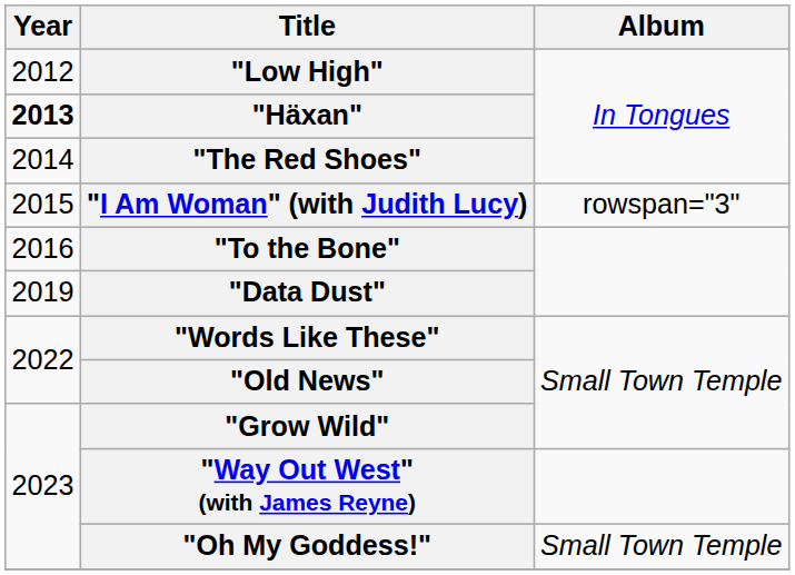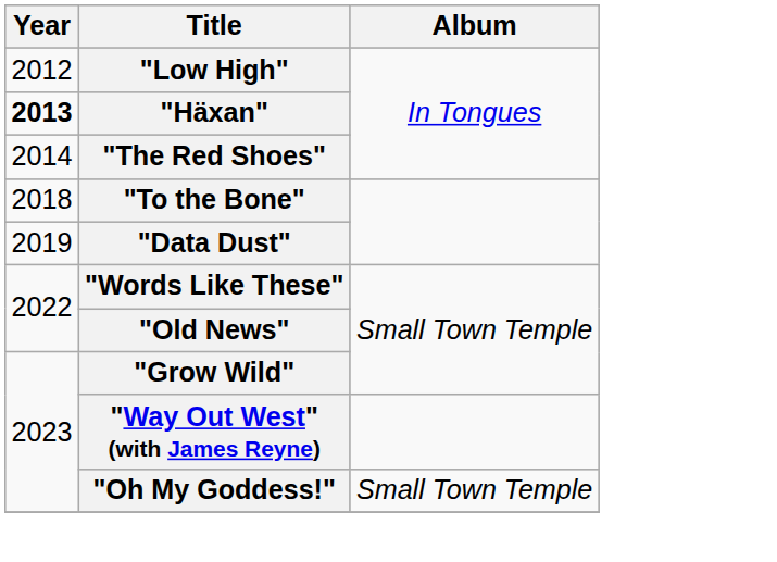 <table class="wikitable plainrowheaders" style="text-align:center;">
 <tr>
 <th scope="col">Year</th>
 <th scope="col">Title</th>
 <th scope="col">Album</th>
 </tr>
 <tr>
 <td>2012</td>
 <th scope="row">"Low High"</th>
 <td rowspan="3"><em><a href='#'>In Tongues</a></em></td>
 </tr>
 <tr>
 <td><strong>2013</strong></td>
 <th scope="row">"Häxan"</th>
 </tr>
 <tr>
 <td>2014</td>
 <th scope="row">"The Red Shoes"</th>
 </tr>
 <tr>
-<td>2015</td>
-<th scope="row">"<a href='#'>I Am Woman</a>" (with <a href='#'>Judith Lucy</a>)</th>
-<td>rowspan="3" </td>
-</tr>
-<tr>
-<td>2016</td>
+<td>2018</td>
 <th scope="row">"To the Bone"</th>
 </tr>
 <tr>
 <td>2019</td>
 <th scope="row">"Data Dust"</th>
 </tr>
 <tr>
 <td rowspan="2">2022</td>
 <th scope="row">"Words Like These"</th>
 <td rowspan="3"><em>Small Town Temple</em></td>
 </tr>
 <tr>
 <th scope="row">"Old News"</th>
 </tr>
 <tr>
 <td rowspan="3">2023</td>
 <th scope="row">"Grow Wild"</th>
 </tr>
 <tr>
 <th scope="row">"<a href='#'>Way Out West</a>" <br><small>(with <a href='#'>James Reyne</a>)</small></th>
 <td></td>
 </tr>
 <tr>
 <th scope="row">"Oh My Goddess!"</th>
 <td><em>Small Town Temple</em></td>
 </tr>
 <tr>
 </tr>
 </table>
